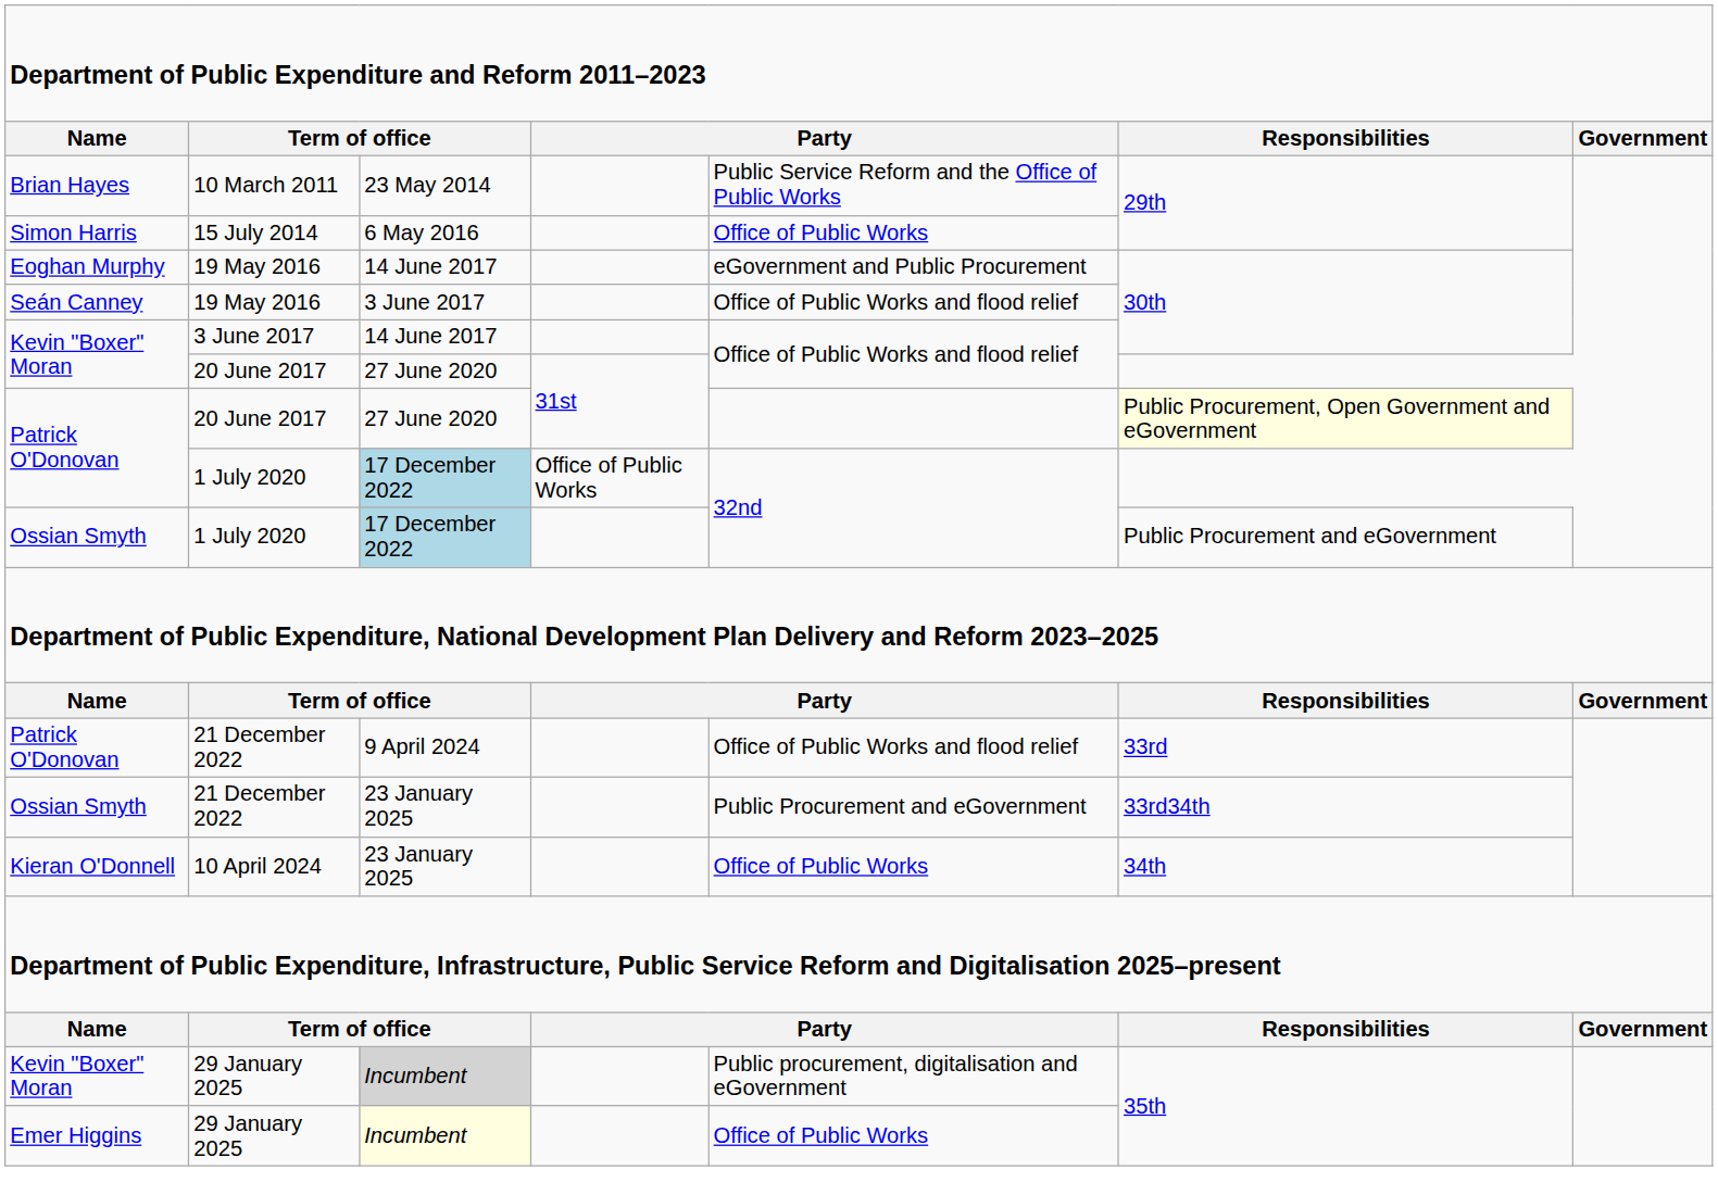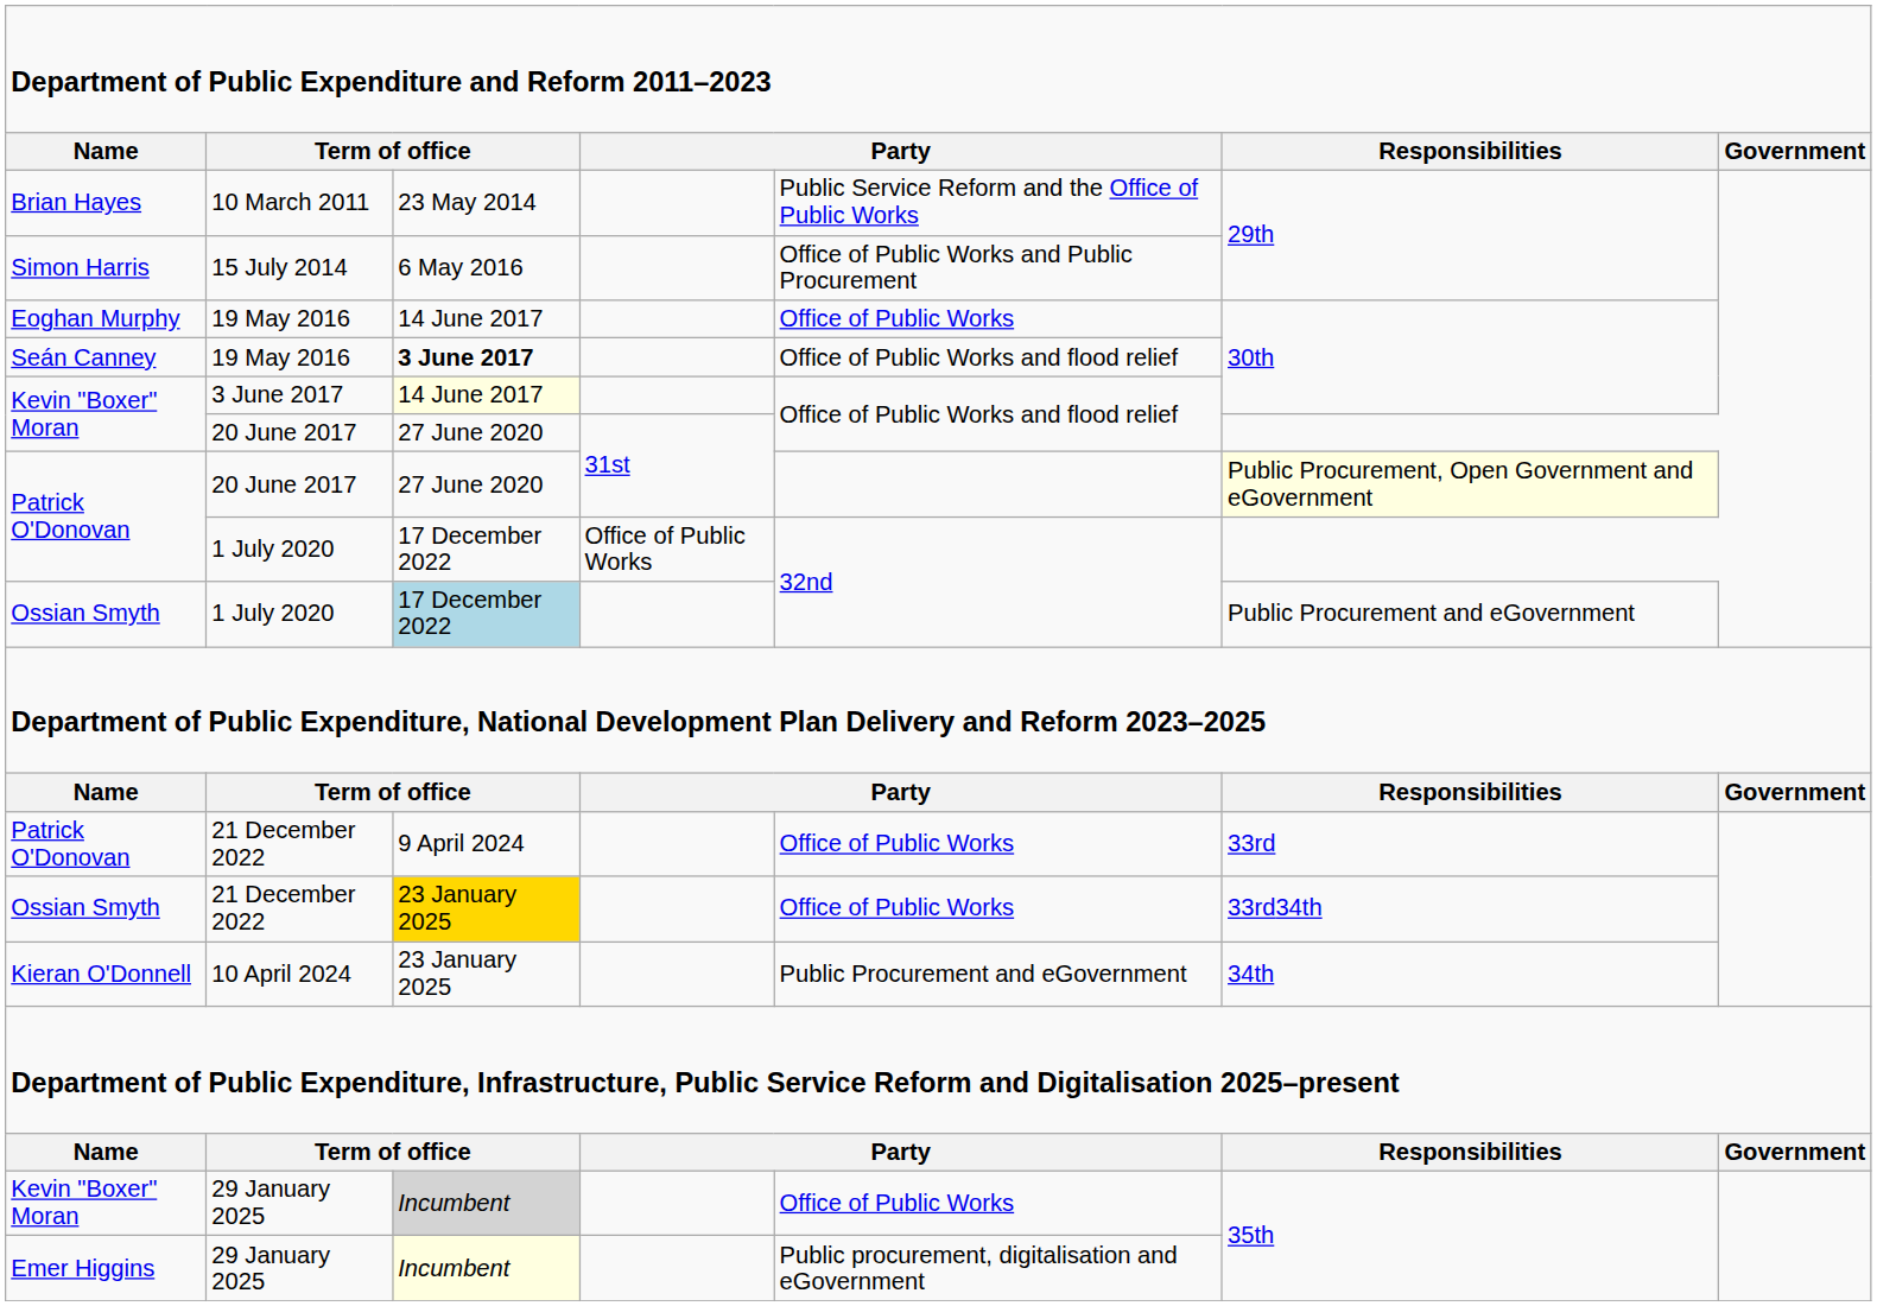 <table class="wikitable">
 <tr>
 <td colspan="7"><br><h3>Department of Public Expenditure and Reform 2011–2023</h3></td>
 </tr>
 <tr>
 <th>Name</th>
 <th colspan="2">Term of office</th>
 <th colspan="2">Party</th>
 <th>Responsibilities</th>
 <th>Government</th>
 </tr>
 <tr>
 <td><a href='#'>Brian Hayes</a></td>
 <td>10 March 2011</td>
 <td>23 May 2014</td>
 <td></td>
 <td>Public Service Reform and the <a href='#'>Office of Public Works</a></td>
 <td rowspan=2><a href='#'>29th</a></td>
 </tr>
 <tr>
 <td><a href='#'>Simon Harris</a></td>
 <td>15 July 2014</td>
 <td>6 May 2016</td>
 <td></td>
-<td><a href='#'>Office of Public Works</a></td>
+<td>Office of Public Works and Public Procurement</td>
 </tr>
 <tr>
 <td><a href='#'>Eoghan Murphy</a></td>
 <td>19 May 2016</td>
 <td>14 June 2017</td>
 <td></td>
-<td>eGovernment and Public Procurement</td>
+<td><a href='#'>Office of Public Works</a></td>
 <td rowspan=3><a href='#'>30th</a></td>
 </tr>
 <tr>
 <td><a href='#'>Seán Canney</a></td>
 <td>19 May 2016</td>
-<td>3 June 2017</td>
+<td><strong>3 June 2017</strong></td>
 <td></td>
 <td>Office of Public Works and flood relief</td>
 </tr>
 <tr>
 <td rowspan=2><a href='#'>Kevin "Boxer" Moran</a></td>
 <td>3 June 2017</td>
-<td>14 June 2017</td>
+<td style="background: lightyellow;">14 June 2017</td>
 <td></td>
 <td rowspan=2>Office of Public Works and flood relief</td>
 </tr>
 <tr>
 <td>20 June 2017</td>
 <td>27 June 2020</td>
 <td rowspan=2><a href='#'>31st</a></td>
 </tr>
 <tr>
 <td rowspan=2><a href='#'>Patrick O'Donovan</a></td>
 <td>20 June 2017</td>
 <td>27 June 2020</td>
 <td></td>
 <td style="background: lightyellow;">Public Procurement, Open Government and eGovernment</td>
 </tr>
 <tr>
 <td>1 July 2020</td>
-<td style="background: lightblue;">17 December 2022</td>
+<td>17 December 2022</td>
 <td>Office of Public Works</td>
 <td rowspan=2><a href='#'>32nd</a></td>
 </tr>
 <tr>
 <td><a href='#'>Ossian Smyth</a></td>
 <td>1 July 2020</td>
 <td style="background: lightblue;">17 December 2022</td>
 <td></td>
 <td>Public Procurement and eGovernment</td>
 </tr>
 <tr>
 <td colspan="7"><br><h3>Department of Public Expenditure, National Development Plan Delivery and Reform 2023–2025</h3></td>
 </tr>
 <tr>
 <th>Name</th>
 <th colspan="2">Term of office</th>
 <th colspan="2">Party</th>
 <th>Responsibilities</th>
 <th>Government</th>
 </tr>
 <tr>
 <td><a href='#'>Patrick O'Donovan</a></td>
 <td>21 December 2022</td>
 <td>9 April 2024</td>
 <td></td>
-<td>Office of Public Works and flood relief</td>
+<td><a href='#'>Office of Public Works</a></td>
 <td><a href='#'>33rd</a></td>
 </tr>
 <tr>
 <td><a href='#'>Ossian Smyth</a></td>
 <td>21 December 2022</td>
-<td>23 January 2025</td>
+<td style="background: gold;">23 January 2025</td>
 <td></td>
-<td>Public Procurement and eGovernment</td>
+<td><a href='#'>Office of Public Works</a></td>
 <td><a href='#'>33rd</a><a href='#'>34th</a></td>
 </tr>
 <tr>
 <td><a href='#'>Kieran O'Donnell</a></td>
 <td>10 April 2024</td>
 <td>23 January 2025</td>
 <td></td>
-<td><a href='#'>Office of Public Works</a></td>
+<td>Public Procurement and eGovernment</td>
 <td><a href='#'>34th</a></td>
 </tr>
 <tr>
 <td colspan="7"><br><h3>Department of Public Expenditure, Infrastructure, Public Service Reform and Digitalisation 2025–present</h3></td>
 </tr>
 <tr>
 <th>Name</th>
 <th colspan="2">Term of office</th>
 <th colspan="2">Party</th>
 <th>Responsibilities</th>
 <th>Government</th>
 </tr>
 <tr>
 <td><a href='#'>Kevin "Boxer" Moran</a></td>
 <td>29 January 2025</td>
 <td style="background: lightgrey;"><em>Incumbent</em></td>
 <td></td>
-<td>Public procurement, digitalisation and eGovernment</td>
+<td><a href='#'>Office of Public Works</a></td>
 <td rowspan=2><a href='#'>35th</a></td>
 </tr>
 <tr>
 <td><a href='#'>Emer Higgins</a></td>
 <td>29 January 2025</td>
 <td style="background: lightyellow;"><em>Incumbent</em></td>
 <td></td>
-<td><a href='#'>Office of Public Works</a></td>
+<td>Public procurement, digitalisation and eGovernment</td>
 </tr>
 </table>
